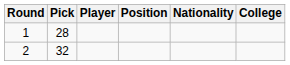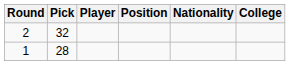 <table class="wikitable sortable sortable">
 <tr>
 <th>Round</th>
 <th>Pick</th>
 <th>Player</th>
 <th>Position</th>
 <th>Nationality</th>
 <th>College</th>
 </tr>
 <tr style="text-align: center">
+<td>2</td>
+<td>32</td>
+<td></td>
+<td></td>
+<td></td>
+<td></td>
+</tr>
+<tr style="text-align: center">
 <td>1</td>
 <td>28</td>
 <td></td>
 <td></td>
 <td></td>
 <td></td>
 </tr>
-<tr style="text-align: center">
-<td>2</td>
-<td>32</td>
-<td></td>
-<td></td>
-<td></td>
-<td></td>
-</tr>
 </table>
